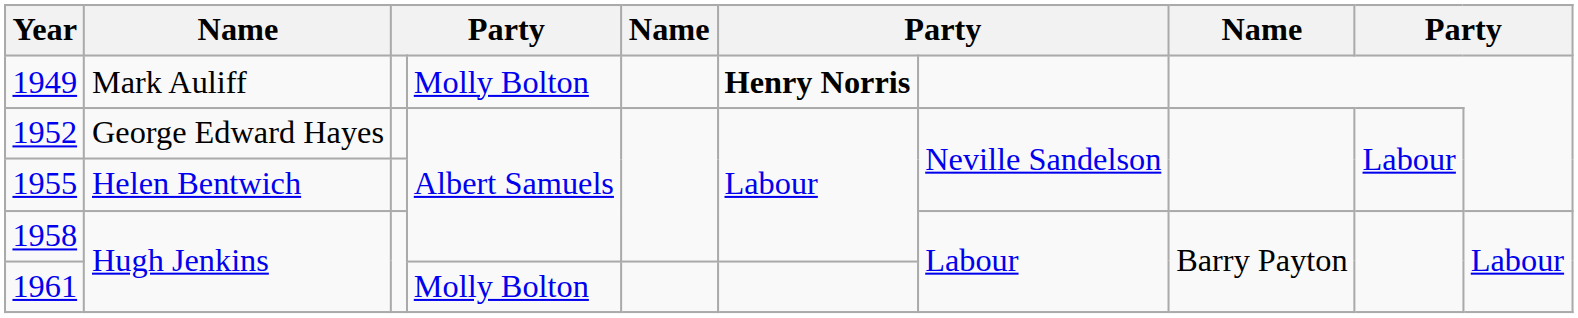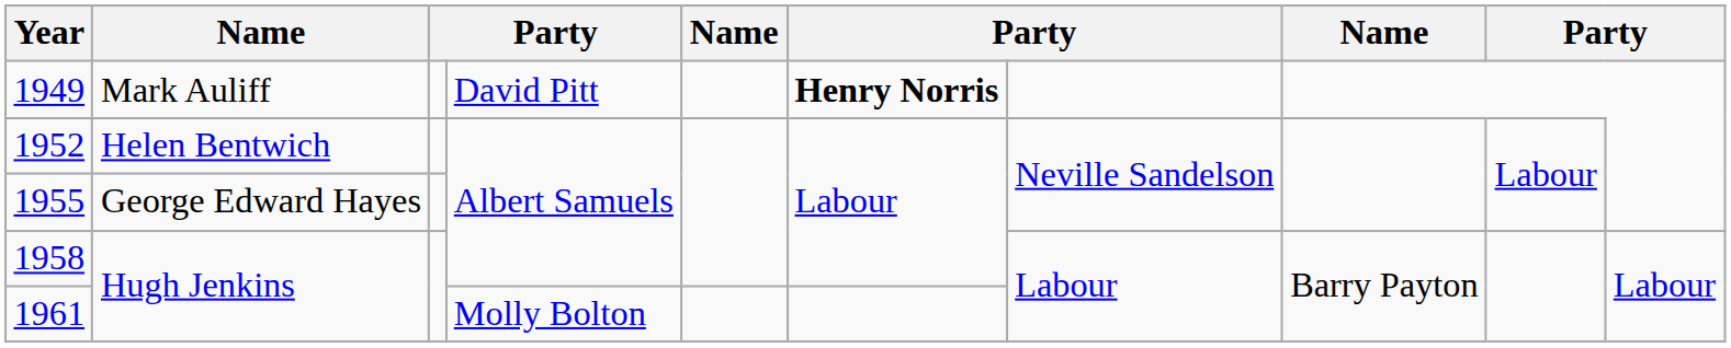 <table class="wikitable">
 <tr>
 <th>Year</th>
 <th>Name</th>
 <th colspan=2>Party</th>
 <th>Name</th>
 <th colspan=2>Party</th>
 <th>Name</th>
 <th colspan=2>Party</th>
 </tr>
 <tr>
 <td><a href='#'>1949</a></td>
 <td>Mark Auliff</td>
 <td></td>
-<td><a href='#'>Molly Bolton</a></td>
+<td><a href='#'>David Pitt</a></td>
 <td></td>
 <td><strong>Henry Norris</strong></td>
 <td></td>
 </tr>
 <tr>
 <td><a href='#'>1952</a></td>
-<td>George Edward Hayes</td>
+<td><a href='#'>Helen Bentwich</a></td>
 <td></td>
 <td rowspan=3><a href='#'>Albert Samuels</a></td>
 <td rowspan=3 style="background-color: "></td>
 <td rowspan=3><a href='#'>Labour</a></td>
 <td rowspan=2><a href='#'>Neville Sandelson</a></td>
 <td rowspan=2 style="background-color: "></td>
 <td rowspan=2><a href='#'>Labour</a></td>
 </tr>
 <tr>
 <td><a href='#'>1955</a></td>
-<td><a href='#'>Helen Bentwich</a></td>
+<td>George Edward Hayes</td>
 <td></td>
 </tr>
 <tr>
 <td><a href='#'>1958</a></td>
 <td rowspan=2><a href='#'>Hugh Jenkins</a></td>
 <td rowspan=2 style="background-color: "></td>
 <td rowspan=2><a href='#'>Labour</a></td>
 <td rowspan=2>Barry Payton</td>
 <td rowspan=2 style="background-color: "></td>
 <td rowspan=2><a href='#'>Labour</a></td>
 </tr>
 <tr>
 <td><a href='#'>1961</a></td>
 <td><a href='#'>Molly Bolton</a></td>
 <td></td>
 </tr>
 </table>
